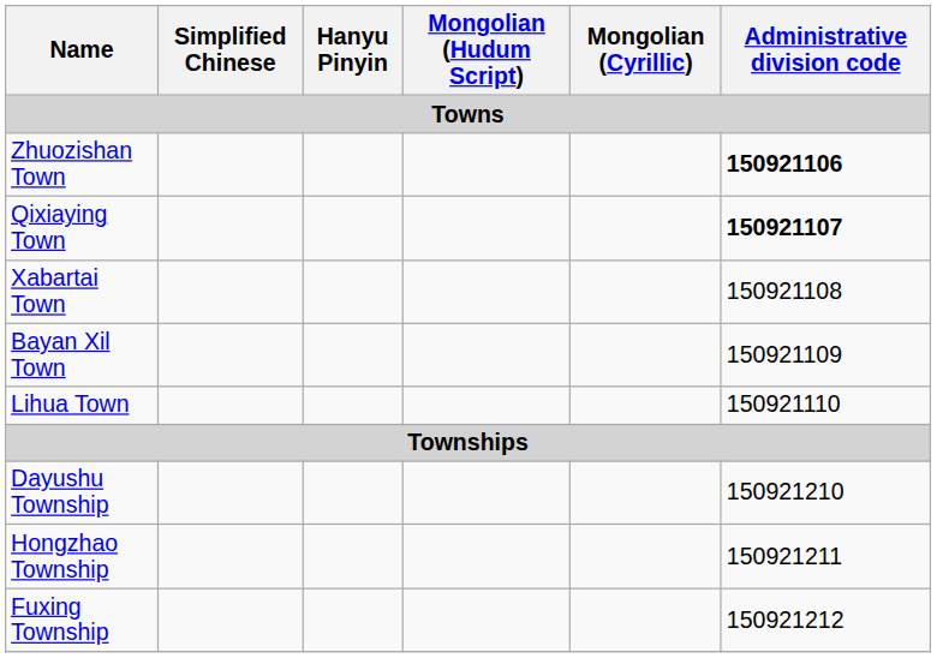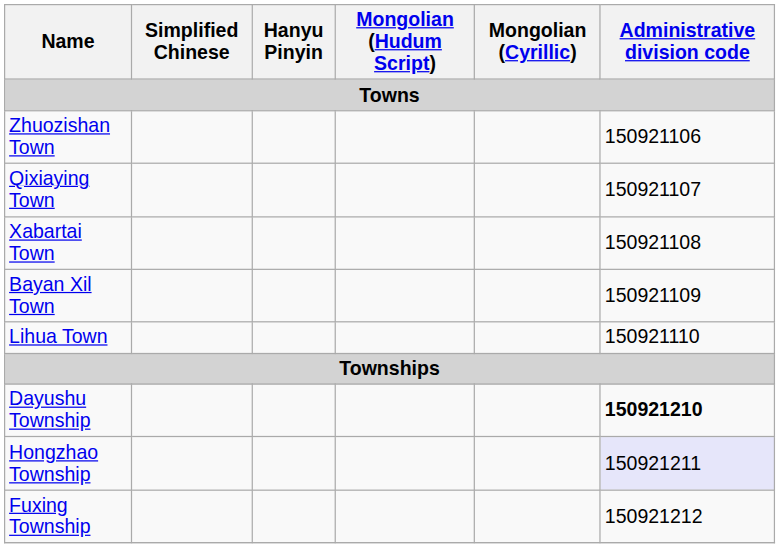 <table class="wikitable" align="center" style="width:50%; border="1">
 <tr>
 <th>Name</th>
 <th>Simplified Chinese</th>
 <th>Hanyu Pinyin</th>
 <th><a href='#'>Mongolian</a> (<a href='#'>Hudum Script</a>)</th>
 <th>Mongolian (<a href='#'>Cyrillic</a>)</th>
 <th><a href='#'>Administrative division code</a></th>
 </tr>
 <tr>
 <td colspan="6"  style="text-align:center; background:#d3d3d3;"><strong>Towns</strong></td>
 </tr>
 <tr --------->
 <td><a href='#'>Zhuozishan Town</a></td>
 <td></td>
 <td></td>
 <td></td>
 <td></td>
-<td><strong>150921106</strong></td>
+<td>150921106</td>
 </tr>
 <tr>
 <td><a href='#'>Qixiaying Town</a></td>
 <td></td>
 <td></td>
 <td></td>
 <td></td>
-<td><strong>150921107</strong></td>
+<td>150921107</td>
 </tr>
 <tr>
 <td><a href='#'>Xabartai Town</a></td>
 <td></td>
 <td></td>
 <td></td>
 <td></td>
 <td>150921108</td>
 </tr>
 <tr>
 <td><a href='#'>Bayan Xil Town</a></td>
 <td></td>
 <td></td>
 <td></td>
 <td></td>
 <td>150921109</td>
 </tr>
 <tr>
 <td><a href='#'>Lihua Town</a></td>
 <td></td>
 <td></td>
 <td></td>
 <td></td>
 <td>150921110</td>
 </tr>
 <tr>
 <td colspan="6"  style="text-align:center; background:#d3d3d3;"><strong>Townships</strong></td>
 </tr>
 <tr --------->
 <td><a href='#'>Dayushu Township</a></td>
 <td></td>
 <td></td>
 <td></td>
 <td></td>
-<td>150921210</td>
+<td><strong>150921210</strong></td>
 </tr>
 <tr>
 <td><a href='#'>Hongzhao Township</a></td>
 <td></td>
 <td></td>
 <td></td>
 <td></td>
-<td>150921211</td>
+<td style="background: lavender;">150921211</td>
 </tr>
 <tr>
 <td><a href='#'>Fuxing Township</a></td>
 <td></td>
 <td></td>
 <td></td>
 <td></td>
 <td>150921212</td>
 </tr>
 <tr>
 </tr>
 </table>
